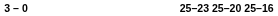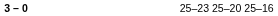 <table>
 <tr>
 <th width=200></th>
 <th width=80></th>
 <th width=200></th>
 <th width=220></th>
 </tr>
 <tr>
 <td align=right><strong></strong></td>
 <td align=center><strong>3 – 0</strong></td>
 <td></td>
-<td><strong>25–23 25–20 25–16</strong></td>
+<td>25–23 25–20 25–16</td>
 </tr>
 </table>
